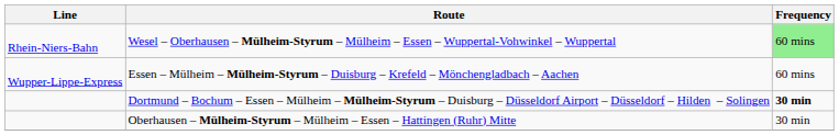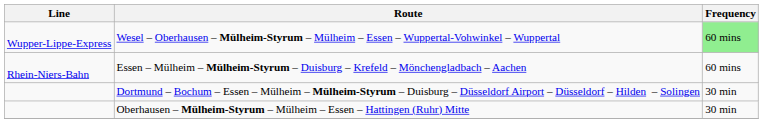 <table class="wikitable">
 <tr>
 <th>Line</th>
 <th>Route</th>
 <th>Frequency</th>
 </tr>
 <tr>
-<td><br><a href='#'>Rhein-Niers-Bahn</a></td>
+<td><br><a href='#'>Wupper-Lippe-Express</a></td>
 <td><a href='#'>Wesel</a> – <a href='#'>Oberhausen</a> – <strong>Mülheim-Styrum</strong> – <a href='#'>Mülheim</a> – <a href='#'>Essen</a> – <a href='#'>Wuppertal-Vohwinkel</a> – <a href='#'>Wuppertal</a></td>
 <td style="background: lightgreen;">60 mins</td>
 </tr>
 <tr>
-<td><br><a href='#'>Wupper-Lippe-Express</a></td>
+<td><br><a href='#'>Rhein-Niers-Bahn</a></td>
 <td>Essen – Mülheim – <strong>Mülheim-Styrum</strong> – <a href='#'>Duisburg</a> – <a href='#'>Krefeld</a> – <a href='#'>Mönchengladbach</a> – <a href='#'>Aachen</a></td>
 <td>60 mins</td>
 </tr>
 <tr>
 <td></td>
 <td><a href='#'>Dortmund</a> – <a href='#'>Bochum</a> – Essen – Mülheim – <strong>Mülheim-Styrum</strong> – Duisburg – <a href='#'>Düsseldorf Airport</a> – <a href='#'>Düsseldorf</a> – <a href='#'>Hilden</a>  – <a href='#'>Solingen</a></td>
-<td><strong>30 min</strong></td>
+<td>30 min</td>
 </tr>
 <tr>
 <td></td>
 <td>Oberhausen – <strong>Mülheim-Styrum</strong> – Mülheim – Essen – <a href='#'>Hattingen (Ruhr) Mitte</a></td>
 <td>30 min</td>
 </tr>
 <tr>
 </tr>
 </table>
